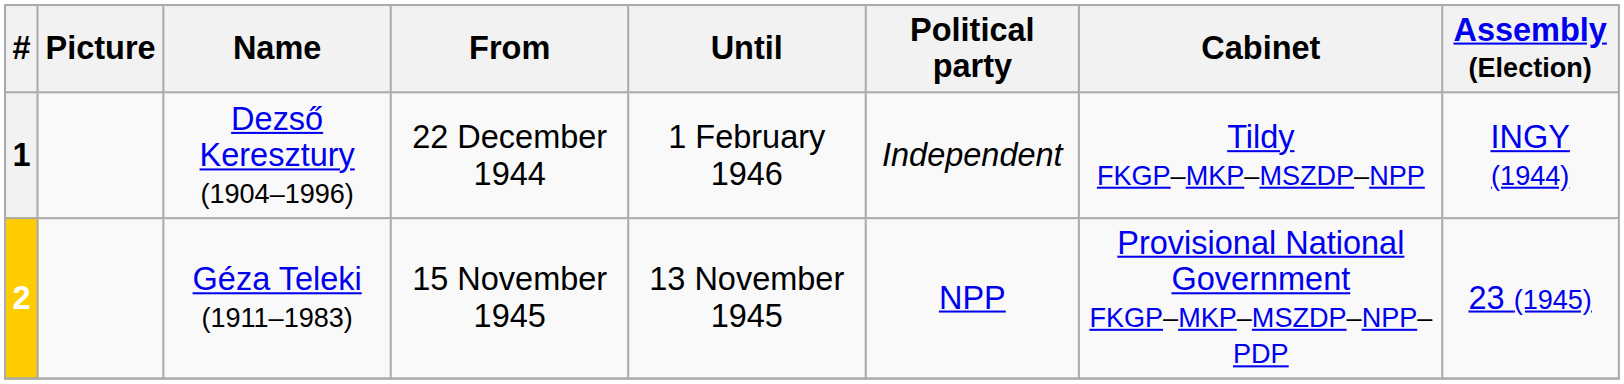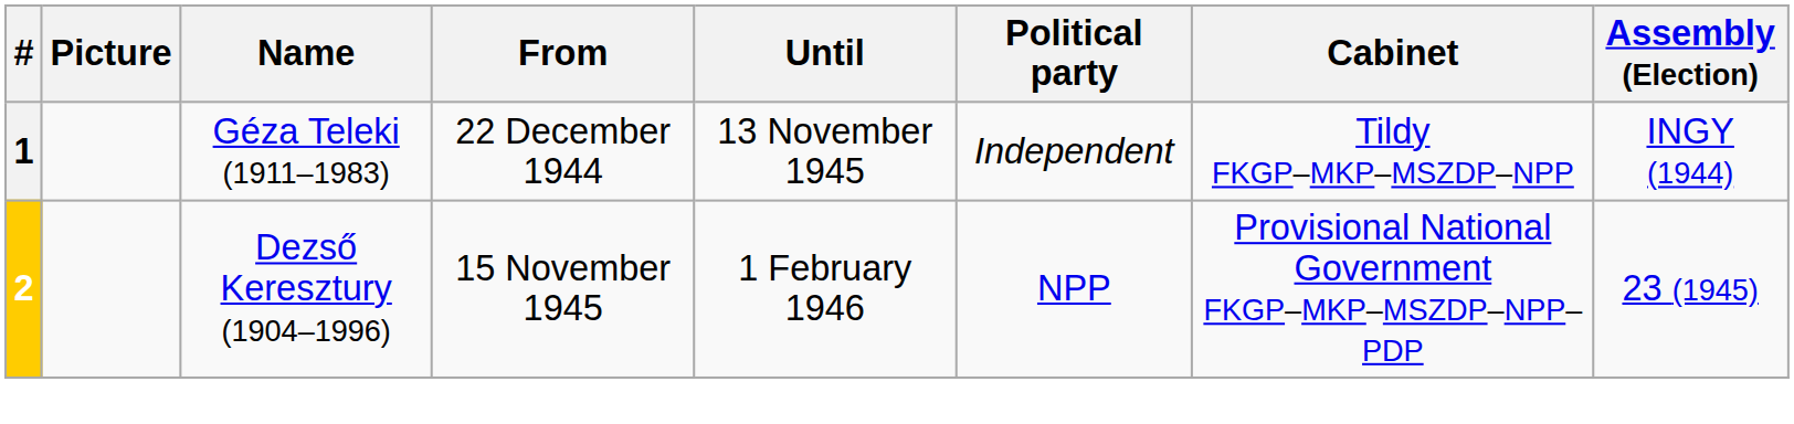 <table width=90% class="wikitable" style="text-align:center">
 <tr>
 <th>#</th>
 <th>Picture</th>
 <th>Name</th>
 <th>From</th>
 <th>Until</th>
 <th>Political party</th>
 <th>Cabinet</th>
 <th><a href='#'>Assembly</a><br><small>(Election)</small></th>
 </tr>
 <tr>
 <th style="background-color:">1</th>
 <td></td>
-<td><a href='#'>Dezső Keresztury</a><br><small>(1904–1996)</small></td>
+<td><a href='#'>Géza Teleki</a><br><small>(1911–1983)</small></td>
 <td>22 December 1944</td>
-<td>1 February 1946</td>
+<td>13 November 1945</td>
 <td><em>Independent</em></td>
 <td><a href='#'>Tildy</a><br><small><a href='#'>FKGP</a>–<a href='#'>MKP</a>–<a href='#'>MSZDP</a>–<a href='#'>NPP</a></small></td>
 <td><a href='#'>INGY <small>(1944)</small></a></td>
 </tr>
 <tr>
 <th style="background-color:#FFCC00; color:white">2</th>
 <td></td>
-<td><a href='#'>Géza Teleki</a><br><small>(1911–1983)</small></td>
+<td><a href='#'>Dezső Keresztury</a><br><small>(1904–1996)</small></td>
 <td>15 November 1945</td>
-<td>13 November 1945</td>
+<td>1 February 1946</td>
 <td><a href='#'>NPP</a></td>
 <td><a href='#'>Provisional National Government</a><br><small><a href='#'>FKGP</a>–<a href='#'>MKP</a>–<a href='#'>MSZDP</a>–<a href='#'>NPP</a>–<a href='#'>PDP</a></small></td>
 <td><a href='#'>23 <small>(1945)</small></a></td>
 </tr>
 <tr>
 </tr>
 </table>
